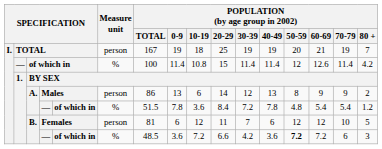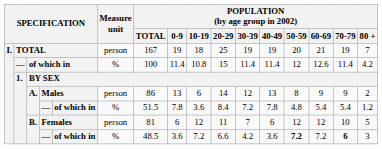 <table class="wikitable" style="font-size:85%; text-align:center">
 <tr>
 <th rowspan="2" colspan="5">SPECIFICATION</th>
 <th rowspan="2">Measure<br> unit</th>
 <th colspan="10" rowspan="1">POPULATION<br> (by age group in 2002)</th>
 </tr>
 <tr>
 <th>TOTAL</th>
 <th>0-9</th>
 <th>10-19</th>
 <th>20-29</th>
 <th>30-39</th>
 <th>40-49</th>
 <th>50-59</th>
 <th>60-69</th>
 <th>70-79</th>
 <th>80 +</th>
 </tr>
 <tr>
 <th style="text-align:left" valign="top" rowspan="7">I.</th>
 <th style="text-align:left" colspan="4">TOTAL</th>
 <td>person</td>
 <td>167</td>
 <td>19</td>
 <td>18</td>
 <td>25</td>
 <td>19</td>
 <td>19</td>
 <td>20</td>
 <td>21</td>
 <td>19</td>
 <td>7</td>
 </tr>
 <tr>
 <th style="text-align:left" valign="top">—</th>
 <th style="text-align:left" colspan="3">of which in</th>
 <td>%</td>
 <td>100</td>
 <td>11.4</td>
 <td>10.8</td>
 <td>15</td>
 <td>11.4</td>
 <td>11.4</td>
 <td>12</td>
 <td>12.6</td>
 <td>11.4</td>
 <td>4.2</td>
 </tr>
 <tr>
 <th style="text-align:left" valign="top" rowspan="5">1.</th>
 <th style="text-align:left" colspan="14">BY SEX</th>
 </tr>
 <tr>
 <th style="text-align:left" valign="top" rowspan="2">A.</th>
 <th style="text-align:left" colspan="2">Males</th>
 <td>person</td>
 <td>86</td>
 <td>13</td>
 <td>6</td>
 <td>14</td>
 <td>12</td>
 <td>13</td>
 <td>8</td>
 <td>9</td>
 <td>9</td>
 <td>2</td>
 </tr>
 <tr>
 <th style="text-align:left" valign="top">—</th>
 <th style="text-align:left" colspan="1">of which in</th>
 <td>%</td>
 <td>51.5</td>
 <td>7.8</td>
 <td>3.6</td>
 <td>8.4</td>
 <td>7.2</td>
 <td>7.8</td>
 <td>4.8</td>
 <td>5.4</td>
 <td>5.4</td>
 <td>1.2</td>
 </tr>
 <tr>
 <th style="text-align:left" valign="top" rowspan="2">B.</th>
 <th style="text-align:left" colspan="2">Females</th>
 <td>person</td>
 <td>81</td>
 <td>6</td>
 <td>12</td>
 <td>11</td>
 <td>7</td>
 <td>6</td>
 <td>12</td>
 <td>12</td>
 <td>10</td>
 <td>5</td>
 </tr>
 <tr>
 <th style="text-align:left" valign="top">—</th>
 <th style="text-align:left" colspan="1">of which in</th>
 <td>%</td>
 <td>48.5</td>
 <td>3.6</td>
 <td>7.2</td>
 <td>6.6</td>
 <td>4.2</td>
 <td>3.6</td>
 <td><strong>7.2</strong></td>
 <td>7.2</td>
-<td>6</td>
+<td><strong>6</strong></td>
 <td>3</td>
 </tr>
 </table>
